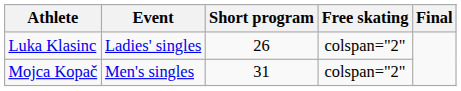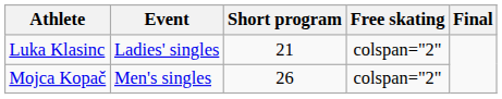 <table class="wikitable" style="font-size:90%">
 <tr>
 <th>Athlete</th>
 <th>Event</th>
 <th>Short program</th>
 <th>Free skating</th>
 <th>Final</th>
 </tr>
 <tr align="center">
 <td align="left"><a href='#'>Luka Klasinc</a></td>
 <td align="left"><a href='#'>Ladies' singles</a></td>
-<td>26</td>
+<td>21</td>
 <td>colspan="2" </td>
 </tr>
 <tr align="center">
 <td align="left"><a href='#'>Mojca Kopač</a></td>
 <td align="left"><a href='#'>Men's singles</a></td>
-<td>31</td>
+<td>26</td>
 <td>colspan="2" </td>
 </tr>
 </table>
